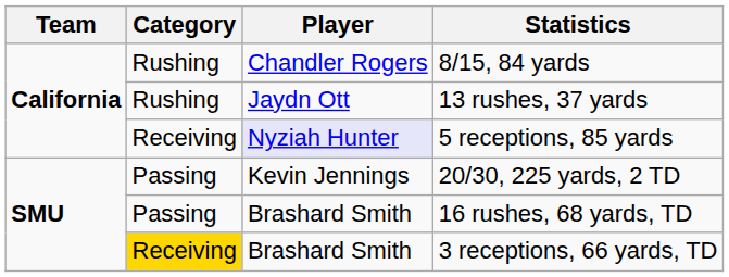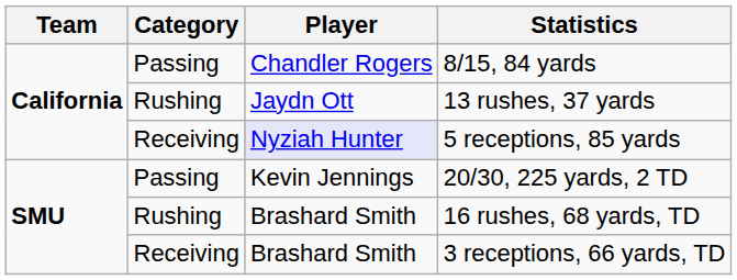 <table class="wikitable" style="float: right;">
 <tr>
 <th>Team</th>
 <th>Category</th>
 <th>Player</th>
 <th>Statistics</th>
 </tr>
 <tr>
 <td rowspan=3><strong>California</strong></td>
-<td>Rushing</td>
+<td>Passing</td>
 <td><a href='#'>Chandler Rogers</a></td>
 <td>8/15, 84 yards</td>
 </tr>
 <tr>
 <td>Rushing</td>
 <td><a href='#'>Jaydn Ott</a></td>
 <td>13 rushes, 37 yards</td>
 </tr>
 <tr>
 <td>Receiving</td>
 <td style="background: lavender;"><a href='#'>Nyziah Hunter</a></td>
 <td>5 receptions, 85 yards</td>
 </tr>
 <tr>
 <td rowspan=3><strong>SMU</strong></td>
 <td>Passing</td>
 <td>Kevin Jennings</td>
 <td>20/30, 225 yards, 2 TD</td>
 </tr>
 <tr>
-<td>Passing</td>
+<td>Rushing</td>
 <td>Brashard Smith</td>
 <td>16 rushes, 68 yards, TD</td>
 </tr>
 <tr>
-<td style="background: gold;">Receiving</td>
+<td>Receiving</td>
 <td>Brashard Smith</td>
 <td>3 receptions, 66 yards, TD</td>
 </tr>
 </table>
